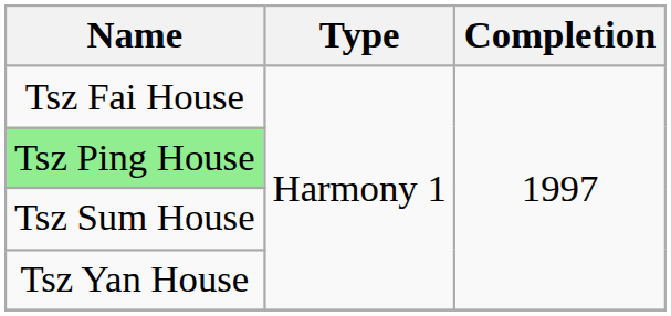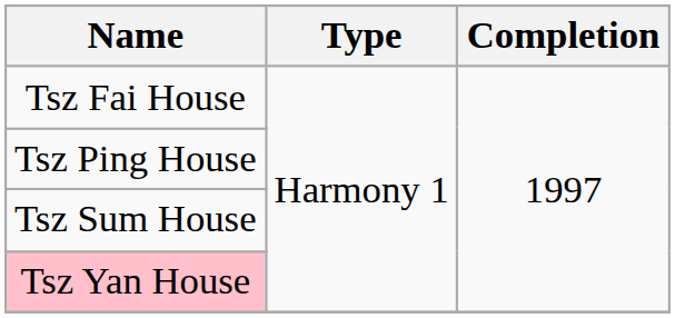 <table class="wikitable" style="text-align: center">
 <tr>
 <th>Name </th>
 <th>Type</th>
 <th>Completion</th>
 </tr>
 <tr>
 <td>Tsz Fai House</td>
 <td rowspan="4">Harmony 1</td>
 <td rowspan="4">1997</td>
 </tr>
 <tr>
-<td style="background: lightgreen;">Tsz Ping House</td>
+<td>Tsz Ping House</td>
 </tr>
 <tr>
 <td>Tsz Sum House</td>
 </tr>
 <tr>
-<td>Tsz Yan House</td>
+<td style="background: pink;">Tsz Yan House</td>
 </tr>
 <tr>
 </tr>
 </table>
